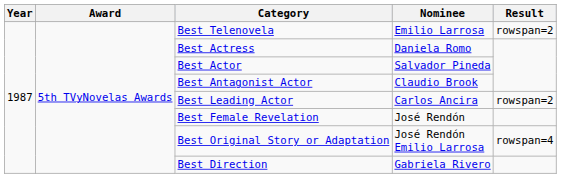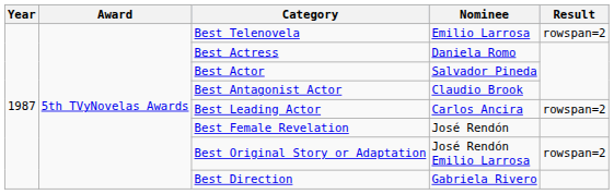 <table class="wikitable">
 <tr style="background:#b0c4de;">
 <th>Year</th>
 <th>Award</th>
 <th>Category</th>
 <th>Nominee</th>
 <th>Result</th>
 </tr>
 <tr>
 <td rowspan=8>1987</td>
 <td rowspan=8><a href='#'>5th TVyNovelas Awards</a></td>
 <td><a href='#'>Best Telenovela</a></td>
 <td><a href='#'>Emilio Larrosa</a></td>
 <td>rowspan=2 </td>
 </tr>
 <tr>
 <td><a href='#'>Best Actress</a></td>
 <td><a href='#'>Daniela Romo</a></td>
 </tr>
 <tr>
 <td><a href='#'>Best Actor</a></td>
 <td><a href='#'>Salvador Pineda</a></td>
 </tr>
 <tr>
 <td><a href='#'>Best Antagonist Actor</a></td>
 <td><a href='#'>Claudio Brook</a></td>
 </tr>
 <tr>
 <td><a href='#'>Best Leading Actor</a></td>
 <td><a href='#'>Carlos Ancira</a></td>
 <td>rowspan=2 </td>
 </tr>
 <tr>
 <td><a href='#'>Best Female Revelation</a></td>
 <td>José Rendón</td>
 </tr>
 <tr>
 <td><a href='#'>Best Original Story or Adaptation</a></td>
 <td>José Rendón<br><a href='#'>Emilio Larrosa</a></td>
-<td>rowspan=4 </td>
+<td>rowspan=2 </td>
 </tr>
 <tr>
 <td><a href='#'>Best Direction</a></td>
 <td><a href='#'>Gabriela Rivero</a></td>
 </tr>
 </table>
